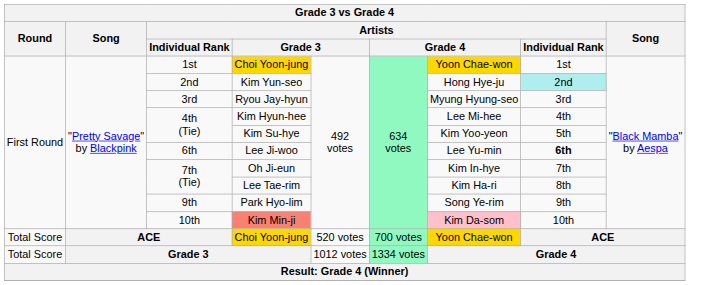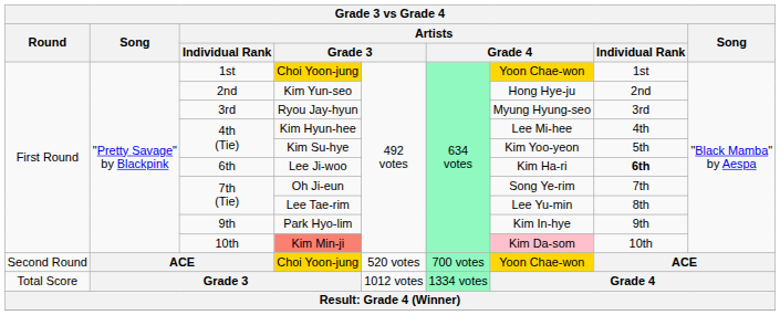 <table class="wikitable" style="text-align: center">
 <tr>
 <th colspan="9">Grade 3 vs Grade 4</th>
 </tr>
 <tr>
 <th rowspan="2">Round</th>
 <th rowspan="2">Song</th>
 <th colspan="6">Artists</th>
 <th rowspan="2">Song</th>
 </tr>
 <tr>
 <th>Individual Rank</th>
 <th colspan="2">Grade 3</th>
 <th colspan="2">Grade 4</th>
 <th>Individual Rank</th>
 </tr>
 <tr>
 <td rowspan="10">First Round</td>
 <td rowspan="10">"<a href='#'>Pretty Savage</a>"<br>by <a href='#'>Blackpink</a></td>
 <td>1st</td>
 <td style="background:gold;">Choi Yoon-jung</td>
 <td rowspan="10">492<br>votes</td>
 <td rowspan="10" style="background:#90F9C0;">634<br>votes</td>
 <td style="background:gold;">Yoon Chae-won</td>
 <td>1st</td>
 <td rowspan="10">"<a href='#'>Black Mamba</a>"<br>by <a href='#'>Aespa</a></td>
 </tr>
 <tr>
 <td>2nd</td>
 <td>Kim Yun-seo</td>
 <td>Hong Hye-ju</td>
-<td style="background: paleturquoise;">2nd</td>
+<td>2nd</td>
 </tr>
 <tr>
 <td>3rd</td>
 <td>Ryou Jay-hyun</td>
 <td>Myung Hyung-seo</td>
 <td>3rd</td>
 </tr>
 <tr>
 <td rowspan="2">4th<br>(Tie)</td>
 <td>Kim Hyun-hee</td>
 <td>Lee Mi-hee</td>
 <td>4th</td>
 </tr>
 <tr>
 <td>Kim Su-hye</td>
 <td>Kim Yoo-yeon</td>
 <td>5th</td>
 </tr>
 <tr>
 <td>6th</td>
 <td>Lee Ji-woo</td>
-<td>Lee Yu-min</td>
+<td>Kim Ha-ri</td>
 <td><strong>6th</strong></td>
 </tr>
 <tr>
 <td rowspan="2">7th<br>(Tie)</td>
 <td>Oh Ji-eun</td>
-<td>Kim In-hye</td>
+<td>Song Ye-rim</td>
 <td>7th</td>
 </tr>
 <tr>
 <td>Lee Tae-rim</td>
-<td>Kim Ha-ri</td>
+<td>Lee Yu-min</td>
 <td>8th</td>
 </tr>
 <tr>
 <td>9th</td>
 <td>Park Hyo-lim</td>
-<td>Song Ye-rim</td>
+<td>Kim In-hye</td>
 <td>9th</td>
 </tr>
 <tr>
 <td>10th</td>
 <td style="background:salmon;">Kim Min-ji</td>
 <td style="background:pink;">Kim Da-som</td>
 <td>10th</td>
 </tr>
 <tr>
-<td>Total Score</td>
+<td>Second Round</td>
 <th colspan="2">ACE</th>
 <td style="background:gold;">Choi Yoon-jung</td>
 <td>520 votes</td>
 <td style="background:#90F9C0;">700 votes</td>
 <td style="background:gold;">Yoon Chae-won</td>
 <th colspan="2">ACE</th>
 </tr>
 <tr>
 <td>Total Score</td>
 <th colspan="3">Grade 3</th>
 <td>1012 votes</td>
 <td style="background:#90F9C0;">1334 votes</td>
 <th colspan="3">Grade 4</th>
 </tr>
 <tr>
 <th colspan="9">Result: Grade 4 (Winner)</th>
 </tr>
 <tr>
 </tr>
 </table>
